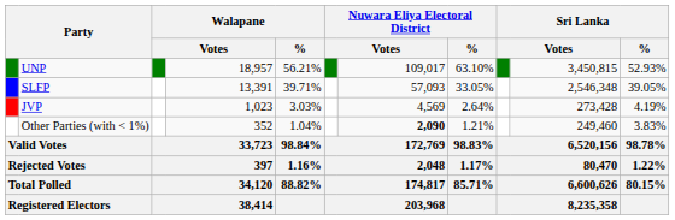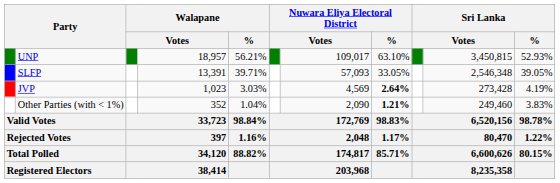 <table class="wikitable">
 <tr>
 <th colspan="2" width="144px"rowspan="2">Party</th>
 <th colspan="3" width="216px">Walapane</th>
 <th colspan="3" width="216px"><a href='#'>Nuwara Eliya Electoral District</a></th>
 <th colspan="3" width="216px">Sri Lanka</th>
 </tr>
 <tr>
 <th colspan="2" width="144px">Votes</th>
 <th>%</th>
 <th colspan="2" width="144px">Votes</th>
 <th>%</th>
 <th colspan="2" width="144px">Votes</th>
 <th>%</th>
 </tr>
 <tr>
 <td style="background-color:green;" width="10px"></td>
 <td style="text-align:left;"><a href='#'>UNP</a></td>
 <td style="background-color:green;" width="10px"></td>
 <td style="text-align:right;">18,957</td>
 <td style="text-align:right;">56.21%</td>
 <td style="background-color:green;" width="10px"></td>
 <td style="text-align:right;">109,017</td>
 <td style="text-align:right;">63.10%</td>
 <td style="background-color:green;" width="10px"></td>
 <td style="text-align:right;">3,450,815</td>
 <td style="text-align:right;">52.93%</td>
 </tr>
 <tr>
 <td style="background-color:blue;" width="10px"></td>
 <td style="text-align:left;"><a href='#'>SLFP</a></td>
 <td style="background-color:white;" width="10px"></td>
 <td style="text-align:right;">13,391</td>
 <td style="text-align:right;">39.71%</td>
 <td style="background-color:white;" width="10px"></td>
 <td style="text-align:right;">57,093</td>
 <td style="text-align:right;">33.05%</td>
 <td style="background-color:white;" width="10px"></td>
 <td style="text-align:right;">2,546,348</td>
 <td style="text-align:right;">39.05%</td>
 </tr>
 <tr>
 <td style="background-color:red;" width="10px"></td>
 <td style="text-align:left;"><a href='#'>JVP</a></td>
 <td style="background-color:white;" width="10px"></td>
 <td style="text-align:right;">1,023</td>
 <td style="text-align:right;">3.03%</td>
 <td style="background-color:white;" width="10px"></td>
 <td style="text-align:right;">4,569</td>
-<td style="text-align:right;">2.64%</td>
+<td style="text-align:right;"><strong>2.64%</strong></td>
 <td style="background-color:white;" width="10px"></td>
 <td style="text-align:right;">273,428</td>
 <td style="text-align:right;">4.19%</td>
 </tr>
 <tr>
 <td style="background-color:white;" width="10px"></td>
 <td style="text-align:left;">Other Parties (with < 1%)</td>
 <td style="background-color:white;" width="10px"></td>
 <td style="text-align:right;">352</td>
 <td style="text-align:right;">1.04%</td>
 <td style="background-color:white;" width="10px"></td>
-<td style="text-align:right;"><strong>2,090</strong></td>
-<td style="text-align:right;">1.21%</td>
+<td style="text-align:right;">2,090</td>
+<td style="text-align:right;"><strong>1.21%</strong></td>
 <td style="background-color:white;" width="10px"></td>
 <td style="text-align:right;">249,460</td>
 <td style="text-align:right;">3.83%</td>
 </tr>
 <tr>
 <th colspan="2" width="144px"style="text-align:left;">Valid Votes</th>
 <th style="text-align:right;"colspan="2" width="144px">33,723</th>
 <th style="text-align:right;">98.84%</th>
 <th style="text-align:right;"colspan="2" width="144px">172,769</th>
 <th style="text-align:right;">98.83%</th>
 <th style="text-align:right;"colspan="2" width="144px">6,520,156</th>
 <th style="text-align:right;">98.78%</th>
 </tr>
 <tr>
 <th colspan="2" width="144px"style="text-align:left;">Rejected Votes</th>
 <th style="text-align:right;"colspan="2" width="144px">397</th>
 <th style="text-align:right;">1.16%</th>
 <th style="text-align:right;"colspan="2" width="144px">2,048</th>
 <th style="text-align:right;">1.17%</th>
 <th style="text-align:right;"colspan="2" width="144px">80,470</th>
 <th style="text-align:right;">1.22%</th>
 </tr>
 <tr>
 <th colspan="2" width="144px"style="text-align:left;">Total Polled</th>
 <th style="text-align:right;"colspan="2" width="144px">34,120</th>
 <th style="text-align:right;">88.82%</th>
 <th style="text-align:right;"colspan="2" width="144px">174,817</th>
 <th style="text-align:right;">85.71%</th>
 <th style="text-align:right;"colspan="2" width="144px">6,600,626</th>
 <th style="text-align:right;">80.15%</th>
 </tr>
 <tr>
 <th colspan="2" width="144px"style="text-align:left;">Registered Electors</th>
 <th style="text-align:right;"colspan="2" width="144px">38,414</th>
 <th></th>
 <th style="text-align:right;"colspan="2" width="144px">203,968</th>
 <th></th>
 <th style="text-align:right;"colspan="2" width="144px">8,235,358</th>
 <th></th>
 </tr>
 </table>
